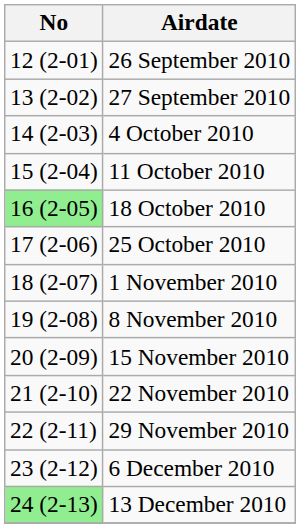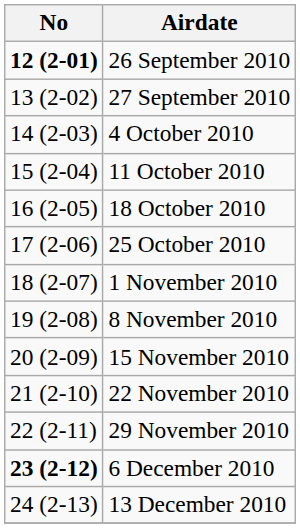 <table class="wikitable">
 <tr>
 <th>No</th>
 <th>Airdate</th>
 </tr>
 <tr>
-<td rowspan="1">12 (2-01)</td>
+<td rowspan="1"><strong>12 (2-01)</strong></td>
 <td>26 September 2010</td>
 </tr>
 <tr>
 <td rowspan="1">13 (2-02)</td>
 <td>27 September 2010</td>
 </tr>
 <tr>
 <td rowspan="1">14 (2-03)</td>
 <td>4 October 2010</td>
 </tr>
 <tr>
 <td rowspan="1">15 (2-04)</td>
 <td>11 October 2010</td>
 </tr>
 <tr>
-<td rowspan="1" style="background: lightgreen;">16 (2-05)</td>
+<td rowspan="1">16 (2-05)</td>
 <td>18 October 2010</td>
 </tr>
 <tr>
 <td rowspan="1">17 (2-06)</td>
 <td>25 October 2010</td>
 </tr>
 <tr>
 <td rowspan="1">18 (2-07)</td>
 <td>1 November 2010</td>
 </tr>
 <tr>
 <td rowspan="1">19 (2-08)</td>
 <td>8 November 2010</td>
 </tr>
 <tr>
 <td rowspan="1">20 (2-09)</td>
 <td>15 November 2010</td>
 </tr>
 <tr>
 <td rowspan="1">21 (2-10)</td>
 <td>22 November 2010</td>
 </tr>
 <tr>
 <td rowspan="1">22 (2-11)</td>
 <td>29 November 2010</td>
 </tr>
 <tr>
-<td rowspan="1">23 (2-12)</td>
+<td rowspan="1"><strong>23 (2-12)</strong></td>
 <td>6 December 2010</td>
 </tr>
 <tr>
-<td rowspan="1" style="background: lightgreen;">24 (2-13)</td>
+<td rowspan="1">24 (2-13)</td>
 <td>13 December 2010</td>
 </tr>
 <tr>
 </tr>
 </table>
